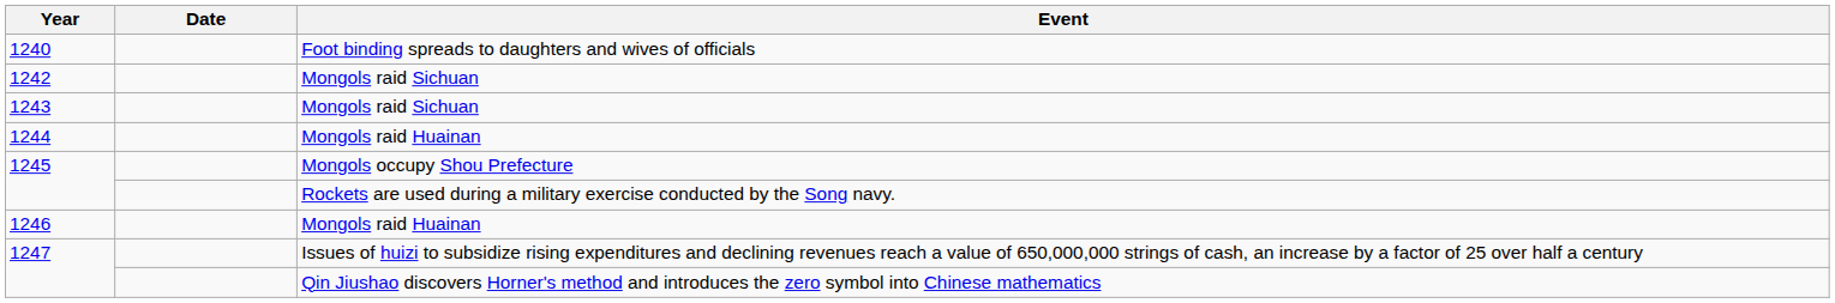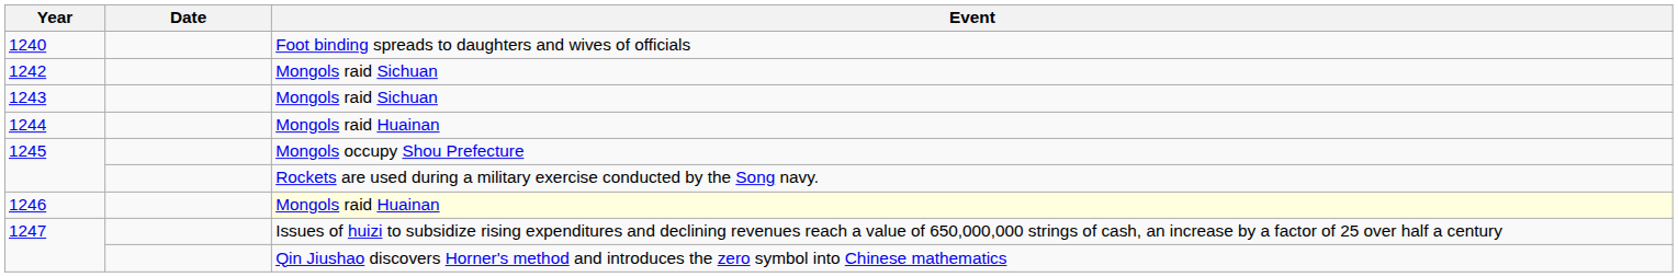 <table class="wikitable" width="100%">
 <tr>
 <th style="width:6%">Year</th>
 <th style="width:10%">Date</th>
 <th>Event</th>
 </tr>
 <tr>
 <td><a href='#'>1240</a></td>
 <td></td>
 <td><a href='#'>Foot binding</a> spreads to daughters and wives of officials</td>
 </tr>
 <tr>
 <td><a href='#'>1242</a></td>
 <td></td>
 <td><a href='#'>Mongols</a> raid <a href='#'>Sichuan</a></td>
 </tr>
 <tr>
 <td><a href='#'>1243</a></td>
 <td></td>
 <td><a href='#'>Mongols</a> raid <a href='#'>Sichuan</a></td>
 </tr>
 <tr>
 <td><a href='#'>1244</a></td>
 <td></td>
 <td><a href='#'>Mongols</a> raid <a href='#'>Huainan</a></td>
 </tr>
 <tr>
 <td rowspan="2" valign="top"><a href='#'>1245</a></td>
 <td></td>
 <td><a href='#'>Mongols</a> occupy <a href='#'>Shou Prefecture</a></td>
 </tr>
 <tr>
 <td></td>
 <td><a href='#'>Rockets</a> are used during a military exercise conducted by the <a href='#'>Song</a> navy.</td>
 </tr>
 <tr>
 <td><a href='#'>1246</a></td>
 <td></td>
-<td><a href='#'>Mongols</a> raid <a href='#'>Huainan</a></td>
+<td style="background: lightyellow;"><a href='#'>Mongols</a> raid <a href='#'>Huainan</a></td>
 </tr>
 <tr>
 <td rowspan="2" valign="top"><a href='#'>1247</a></td>
 <td></td>
 <td>Issues of <a href='#'>huizi</a> to subsidize rising expenditures and declining revenues reach a value of 650,000,000 strings of cash, an increase by a factor of 25 over half a century</td>
 </tr>
 <tr>
 <td></td>
 <td><a href='#'>Qin Jiushao</a> discovers <a href='#'>Horner's method</a> and introduces the <a href='#'>zero</a> symbol into <a href='#'>Chinese mathematics</a></td>
 </tr>
 </table>
